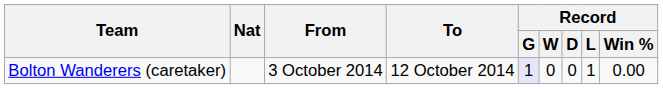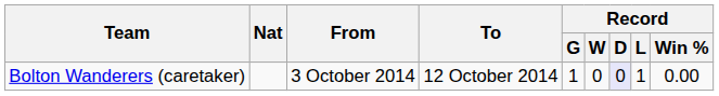 <table class="wikitable" style="text-align: center">
 <tr>
 <th rowspan="2">Team</th>
 <th rowspan="2">Nat</th>
 <th rowspan="2">From</th>
 <th rowspan="2">To</th>
 <th colspan="5">Record</th>
 </tr>
 <tr>
 <th>G</th>
 <th>W</th>
 <th>D</th>
 <th>L</th>
 <th>Win %</th>
 </tr>
 <tr>
 <td align=left><a href='#'>Bolton Wanderers</a> (caretaker)</td>
 <td></td>
 <td align=left>3 October 2014</td>
 <td align=left>12 October 2014</td>
-<td style="background: lavender;">1</td>
+<td>1</td>
 <td>0</td>
-<td>0</td>
+<td style="background: lavender;">0</td>
 <td>1</td>
 <td>0.00</td>
 </tr>
 </table>
